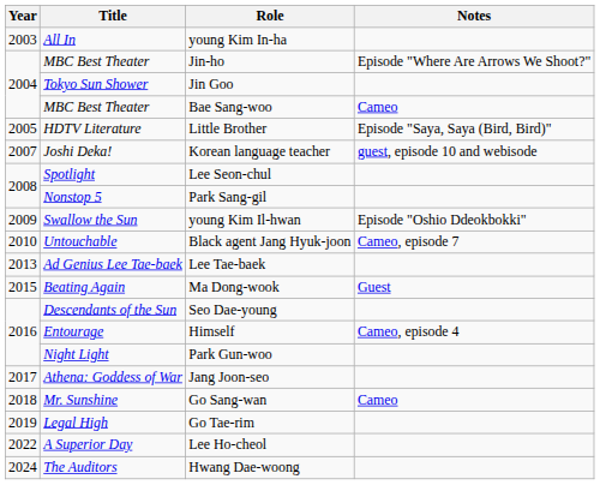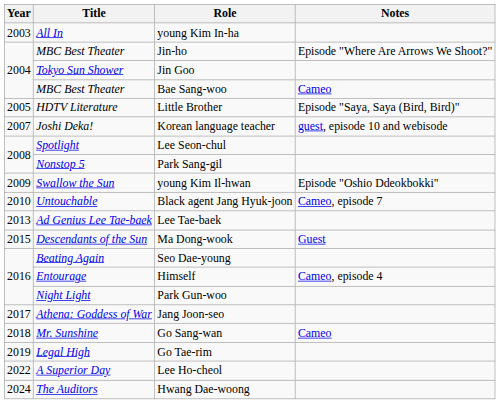 <table class="wikitable sortable">
 <tr>
 <th>Year</th>
 <th>Title</th>
 <th>Role</th>
 <th>Notes</th>
 </tr>
 <tr>
 <td>2003</td>
 <td><em><a href='#'>All In</a></em></td>
 <td>young Kim In-ha</td>
 <td></td>
 </tr>
 <tr>
 <td rowspan=3>2004</td>
 <td><em>MBC Best Theater</em></td>
 <td>Jin-ho</td>
 <td>Episode "Where Are Arrows We Shoot?"</td>
 </tr>
 <tr>
 <td><em><a href='#'>Tokyo Sun Shower</a></em></td>
 <td>Jin Goo</td>
 <td></td>
 </tr>
 <tr>
 <td><em>MBC Best Theater</em>  </td>
 <td>Bae Sang-woo</td>
 <td><a href='#'>Cameo</a></td>
 </tr>
 <tr>
 <td>2005</td>
 <td><em>HDTV Literature</em> </td>
 <td>Little Brother</td>
 <td>Episode "Saya, Saya (Bird, Bird)"</td>
 </tr>
 <tr>
 <td>2007</td>
 <td><em>Joshi Deka!</em></td>
 <td>Korean language teacher</td>
 <td><a href='#'>guest</a>, episode 10 and webisode</td>
 </tr>
 <tr>
 <td rowspan=2>2008</td>
 <td><em><a href='#'>Spotlight</a></em></td>
 <td>Lee Seon-chul</td>
 <td></td>
 </tr>
 <tr>
 <td><em><a href='#'>Nonstop 5</a></em></td>
 <td>Park Sang-gil</td>
 <td></td>
 </tr>
 <tr>
 <td>2009</td>
 <td><em><a href='#'>Swallow the Sun</a></em></td>
 <td>young Kim Il-hwan</td>
 <td>Episode "Oshio Ddeokbokki"</td>
 </tr>
 <tr>
 <td>2010</td>
 <td><em><a href='#'>Untouchable</a></em></td>
 <td>Black agent Jang Hyuk-joon</td>
 <td><a href='#'>Cameo</a>, episode 7</td>
 </tr>
 <tr>
 <td>2013</td>
 <td><em><a href='#'>Ad Genius Lee Tae-baek</a></em></td>
 <td>Lee Tae-baek</td>
 <td></td>
 </tr>
 <tr>
 <td>2015</td>
-<td><em><a href='#'>Beating Again</a></em></td>
+<td><em><a href='#'>Descendants of the Sun</a></em></td>
 <td>Ma Dong-wook</td>
 <td><a href='#'>Guest</a></td>
 </tr>
 <tr>
 <td rowspan=3>2016</td>
-<td><em><a href='#'>Descendants of the Sun</a></em></td>
+<td><em><a href='#'>Beating Again</a></em></td>
 <td>Seo Dae-young</td>
 <td></td>
 </tr>
 <tr>
 <td><em><a href='#'>Entourage</a></em></td>
 <td>Himself</td>
 <td><a href='#'>Cameo</a>, episode 4</td>
 </tr>
 <tr>
 <td><em><a href='#'>Night Light</a></em></td>
 <td>Park Gun-woo</td>
 <td></td>
 </tr>
 <tr>
 <td rowspan=1>2017</td>
 <td><em><a href='#'>Athena: Goddess of War</a></em></td>
 <td>Jang Joon-seo</td>
 <td></td>
 </tr>
 <tr>
 <td>2018</td>
 <td><em><a href='#'>Mr. Sunshine</a></em></td>
 <td>Go Sang-wan</td>
 <td><a href='#'>Cameo</a></td>
 </tr>
 <tr>
 <td>2019</td>
 <td><em><a href='#'>Legal High</a></em></td>
 <td>Go Tae-rim</td>
 <td></td>
 </tr>
 <tr>
 <td>2022</td>
 <td><em><a href='#'>A Superior Day</a></em></td>
 <td>Lee Ho-cheol</td>
 <td></td>
 </tr>
 <tr>
 <td>2024</td>
 <td><em><a href='#'>The Auditors</a></em></td>
 <td>Hwang Dae-woong</td>
 <td></td>
 </tr>
 </table>
